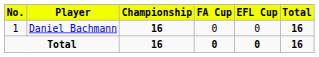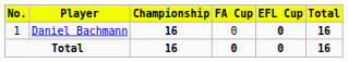 <table class="wikitable sortable" style="text-align:center">
 <tr>
 <th style="background:#f2ff00; width=10; text-align:center;">No.</th>
 <th style="background:#f2ff00; text-align:center;">Player</th>
 <th style="background:#f2ff00; width=100; text-align:center;">Championship</th>
 <th style="background:#f2ff00; width=100; text-align:center;">FA Cup</th>
 <th style="background:#f2ff00; width=100; text-align:center;">EFL Cup</th>
 <th style="background:#f2ff00; width=100; text-align:center;">Total</th>
 </tr>
 <tr>
 <td>1</td>
 <td style="text-align:left;"> <a href='#'>Daniel Bachmann</a></td>
 <td><strong>16</strong></td>
 <td>0</td>
-<td>0</td>
+<td><strong>0</strong></td>
 <td><strong>16</strong></td>
 </tr>
 <tr class="sortbottom">
 <td colspan="2"><strong>Total</strong></td>
 <td><strong>16</strong></td>
 <td><strong>0</strong></td>
 <td><strong>0</strong></td>
 <td><strong>16</strong></td>
 </tr>
 </table>
